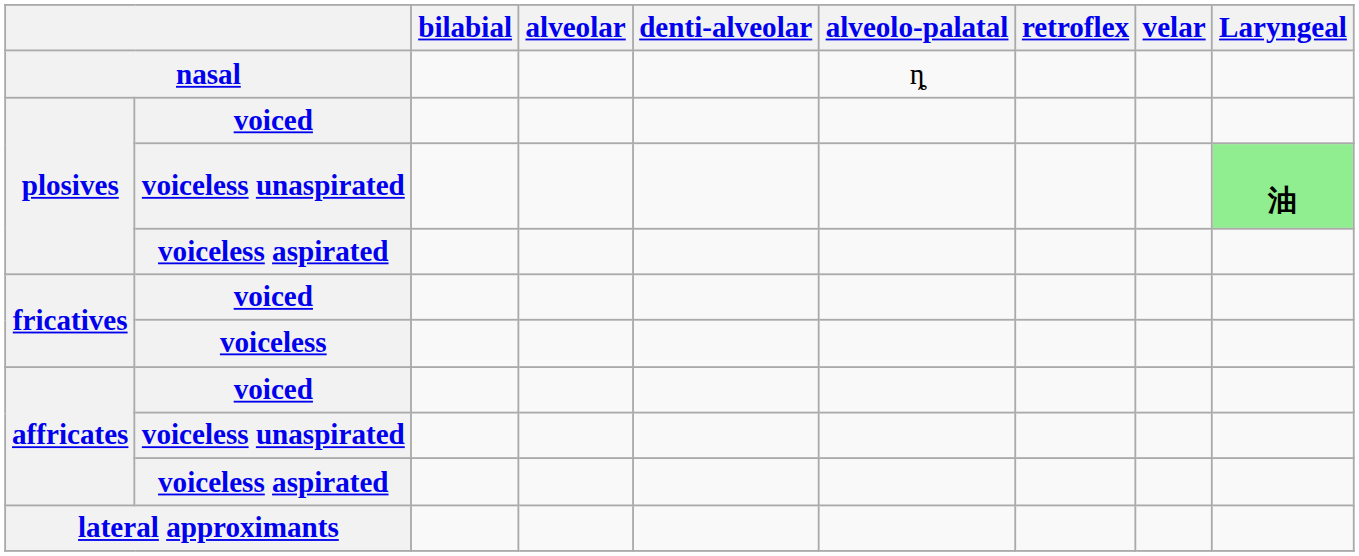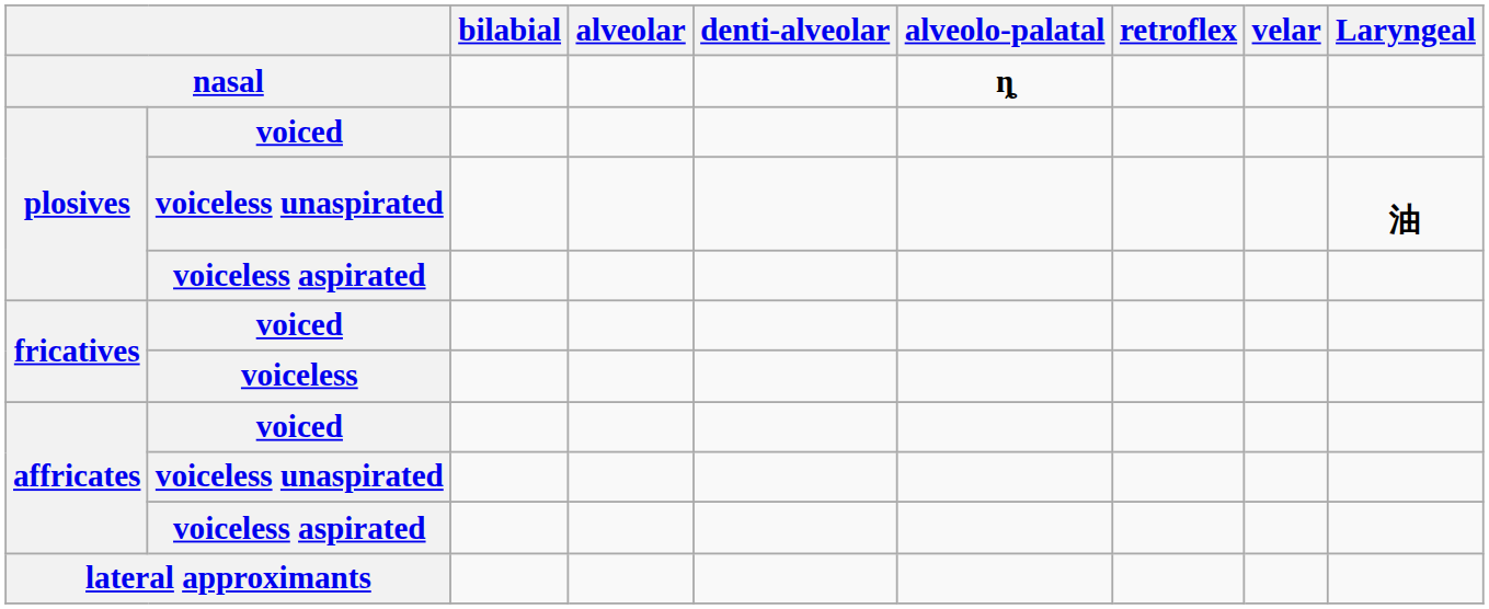 <table class="wikitable" style="text-align:center; margin:1em auto 1em auto">
 <tr>
 <th colspan=2> </th>
 <th><a href='#'>bilabial</a></th>
 <th><a href='#'>alveolar</a></th>
 <th><a href='#'>denti-alveolar</a></th>
 <th><a href='#'>alveolo-palatal</a></th>
 <th><a href='#'>retroflex</a></th>
 <th><a href='#'>velar</a></th>
 <th><a href='#'>Laryngeal</a></th>
 </tr>
 <tr>
 <th colspan=2><a href='#'>nasal</a></th>
 <td></td>
 <td></td>
 <td> </td>
-<td>ȵ</td>
+<td><strong>ȵ</strong></td>
 <td> </td>
 <td></td>
 <td> </td>
 </tr>
 <tr>
 <th rowspan=3><a href='#'>plosives</a></th>
 <th><a href='#'>voiced</a></th>
 <td></td>
 <td></td>
 <td> </td>
 <td> </td>
 <td> </td>
 <td></td>
 <td> </td>
 </tr>
 <tr>
 <th><a href='#'>voiceless</a> <a href='#'>unaspirated</a></th>
 <td></td>
 <td></td>
 <td> </td>
 <td> </td>
 <td> </td>
 <td></td>
-<td style="background: lightgreen;"><strong><a href='#'></a><br>油</strong></td>
+<td><strong><a href='#'></a><br>油</strong></td>
 </tr>
 <tr>
 <th><a href='#'>voiceless</a> <a href='#'>aspirated</a></th>
 <td></td>
 <td></td>
 <td> </td>
 <td> </td>
 <td> </td>
 <td></td>
 <td> </td>
 </tr>
 <tr>
 <th rowspan=2><a href='#'>fricatives</a></th>
 <th><a href='#'>voiced</a></th>
 <td> </td>
 <td> </td>
 <td> </td>
 <td> </td>
 <td> </td>
 <td></td>
 <td> </td>
 </tr>
 <tr>
 <th><a href='#'>voiceless</a></th>
 <td> </td>
 <td> </td>
 <td></td>
 <td></td>
 <td></td>
 <td> </td>
 <td></td>
 </tr>
 <tr>
 <th rowspan=3><a href='#'>affricates</a></th>
 <th><a href='#'>voiced</a></th>
 <td> </td>
 <td> </td>
 <td></td>
 <td></td>
 <td></td>
 <td> </td>
 <td> </td>
 </tr>
 <tr>
 <th><a href='#'>voiceless</a> <a href='#'>unaspirated</a></th>
 <td> </td>
 <td> </td>
 <td></td>
 <td></td>
 <td></td>
 <td> </td>
 <td> </td>
 </tr>
 <tr>
 <th><a href='#'>voiceless</a> <a href='#'>aspirated</a></th>
 <td> </td>
 <td> </td>
 <td></td>
 <td></td>
 <td></td>
 <td> </td>
 </tr>
 <tr>
 <th colspan=2><a href='#'>lateral</a> <a href='#'>approximants</a></th>
 <td> </td>
 <td></td>
 <td> </td>
 <td> </td>
 <td> </td>
 <td> </td>
 <td> </td>
 </tr>
 </table>
